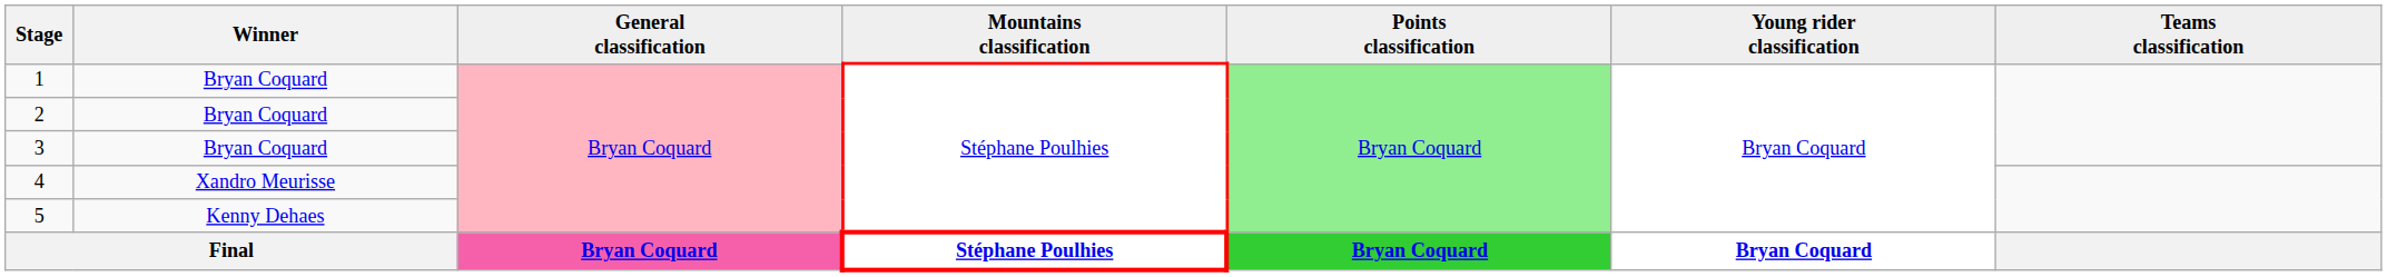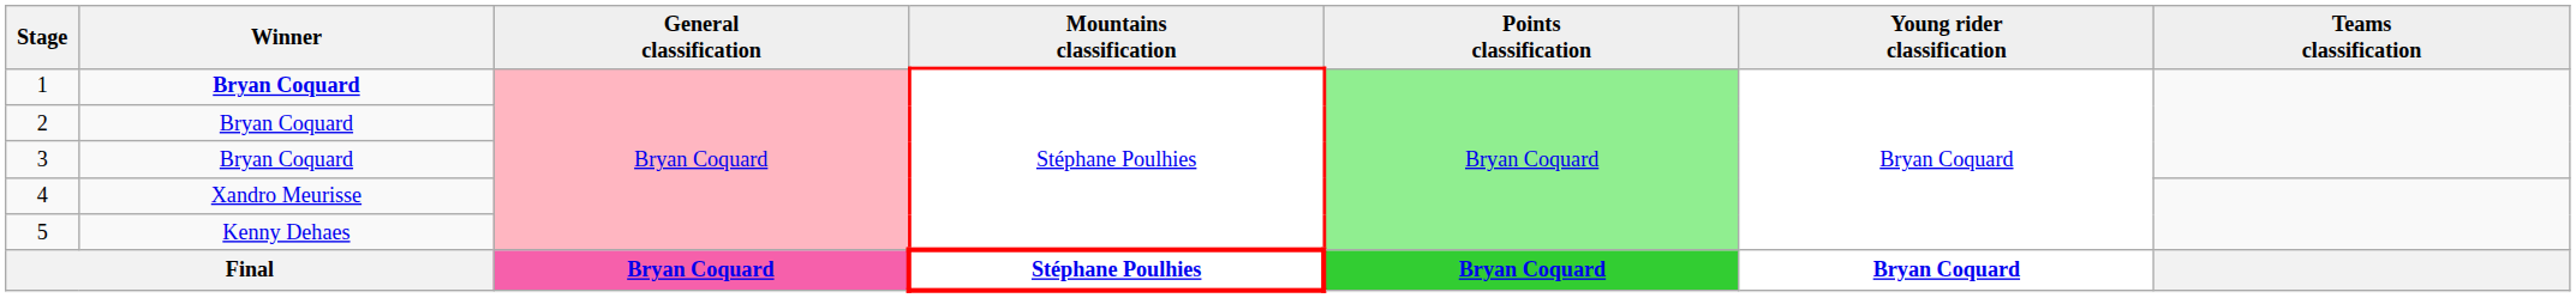 <table class="wikitable" style="text-align: center; font-size:smaller;">
 <tr style="background:#efefef;">
 <th style="width:1%;">Stage</th>
 <th style="width:11%;">Winner</th>
 <th style="background:#efefef; width:11%;">General<br>classification<br></th>
 <th style="background:#efefef; width:11%;">Mountains<br>classification<br></th>
 <th style="background:#efefef; width:11%;">Points<br>classification<br></th>
 <th style="background:#efefef; width:11%;">Young rider<br>classification<br></th>
 <th style="background:#efefef; width:11%;">Teams<br>classification<br></th>
 </tr>
 <tr>
 <td>1</td>
-<td><a href='#'>Bryan Coquard</a></td>
+<td><strong><a href='#'>Bryan Coquard</a></strong></td>
 <td style="background:lightpink;" rowspan="5"><a href='#'>Bryan Coquard</a></td>
 <td style="background:white;border-color: red; border-width: 2px;"  rowspan="5"><a href='#'>Stéphane Poulhies</a></td>
 <td style="background:lightgreen;" rowspan="5"><a href='#'>Bryan Coquard</a></td>
 <td style="background:white;" rowspan="5"><a href='#'>Bryan Coquard</a></td>
 <td rowspan="3"> </td>
 </tr>
 <tr>
 <td>2</td>
 <td><a href='#'>Bryan Coquard</a></td>
 </tr>
 <tr>
 <td>3</td>
 <td><a href='#'>Bryan Coquard</a></td>
 </tr>
 <tr>
 <td>4</td>
 <td><a href='#'>Xandro Meurisse</a></td>
 <td rowspan="2"></td>
 </tr>
 <tr>
 <td>5</td>
 <td><a href='#'>Kenny Dehaes</a></td>
 </tr>
 <tr>
 <th colspan=2><strong>Final</strong></th>
 <th style="background:#F660AB;"><a href='#'>Bryan Coquard</a></th>
 <th style="background:white; border-color: red; border-width: 3px;"><a href='#'>Stéphane Poulhies</a></th>
 <th style="background:limegreen;"><a href='#'>Bryan Coquard</a></th>
 <th style="background:white;"><a href='#'>Bryan Coquard</a></th>
 <th style="background:offwhite;"></th>
 </tr>
 </table>
